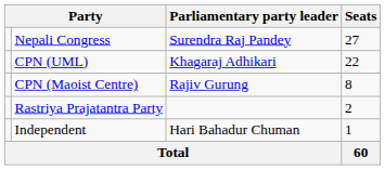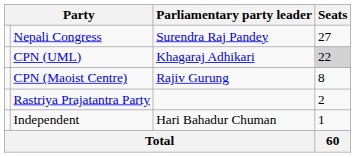 <table class="wikitable">
 <tr>
 <th colspan="2">Party</th>
 <th>Parliamentary party leader</th>
 <th>Seats</th>
 </tr>
 <tr>
 <td></td>
 <td><a href='#'>Nepali Congress</a></td>
 <td><a href='#'>Surendra Raj Pandey</a></td>
 <td>27</td>
 </tr>
 <tr>
 <td></td>
 <td><a href='#'>CPN (UML)</a></td>
 <td><a href='#'>Khagaraj Adhikari</a></td>
-<td>22</td>
+<td style="background: lightgrey;">22</td>
 </tr>
 <tr>
 <td></td>
 <td><a href='#'>CPN (Maoist Centre)</a></td>
 <td><a href='#'>Rajiv Gurung</a></td>
 <td>8</td>
 </tr>
 <tr>
 <td></td>
 <td><a href='#'>Rastriya Prajatantra Party</a></td>
 <td></td>
 <td>2</td>
 </tr>
 <tr>
 <td></td>
 <td>Independent</td>
 <td>Hari Bahadur Chuman</td>
 <td>1</td>
 </tr>
 <tr>
 <th colspan="3">Total</th>
 <th>60</th>
 </tr>
 </table>
